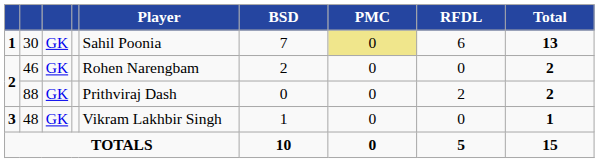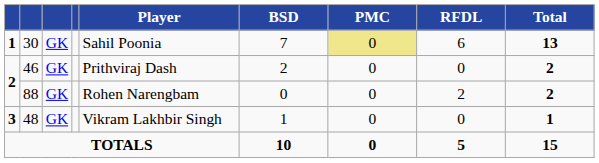 <table class="wikitable" style="font-size: 95%; text-align: center;">
 <tr>
 <th rowspan="1" !width=15 style="background:#2545A0; color:#FFFFFF; "></th>
 <th rowspan="1" !width=15 style="background:#2545A0; color:#FFFFFF; "></th>
 <th rowspan="1" !width=15 style="background:#2545A0; color:#FFFFFF; "></th>
 <th rowspan="1" !width=15 style="background:#2545A0; color:#FFFFFF; "></th>
 <th width=150 style="background:#2545A0; color:#FFFFFF; ">Player</th>
 <th width=80 style="background:#2545A0; color:#FFFFFF; ">BSD</th>
 <th width=80 style="background:#2545A0; color:#FFFFFF; ">PMC</th>
 <th width=80 style="background:#2545A0; color:#FFFFFF; ">RFDL</th>
 <th width=80 style="background:#2545A0; color:#FFFFFF; ">Total</th>
 </tr>
 <tr>
 <td><strong>1</strong></td>
 <td>30</td>
 <td><a href='#'>GK</a></td>
 <td></td>
 <td align=left>Sahil Poonia</td>
 <td>7</td>
 <td style="background: khaki;">0</td>
 <td>6</td>
 <td><strong>13</strong></td>
 </tr>
 <tr>
 <td rowspan=2><strong>2</strong></td>
 <td>46</td>
 <td><a href='#'>GK</a></td>
 <td></td>
-<td align=left>Rohen Narengbam</td>
+<td align=left>Prithviraj Dash</td>
 <td>2</td>
 <td>0</td>
 <td>0</td>
 <td><strong>2</strong></td>
 </tr>
 <tr>
 <td>88</td>
 <td><a href='#'>GK</a></td>
 <td></td>
-<td align=left>Prithviraj Dash</td>
+<td align=left>Rohen Narengbam</td>
 <td>0</td>
 <td>0</td>
 <td>2</td>
 <td><strong>2</strong></td>
 </tr>
 <tr>
 <td><strong>3</strong></td>
 <td>48</td>
 <td><a href='#'>GK</a></td>
 <td></td>
 <td align=left>Vikram Lakhbir Singh</td>
 <td>1</td>
 <td>0</td>
 <td>0</td>
 <td><strong>1</strong></td>
 </tr>
 <tr>
 <td colspan="5"><strong>TOTALS</strong></td>
 <td><strong>10</strong></td>
 <td><strong>0</strong></td>
 <td><strong>5</strong></td>
 <td><strong>15</strong></td>
 </tr>
 </table>
